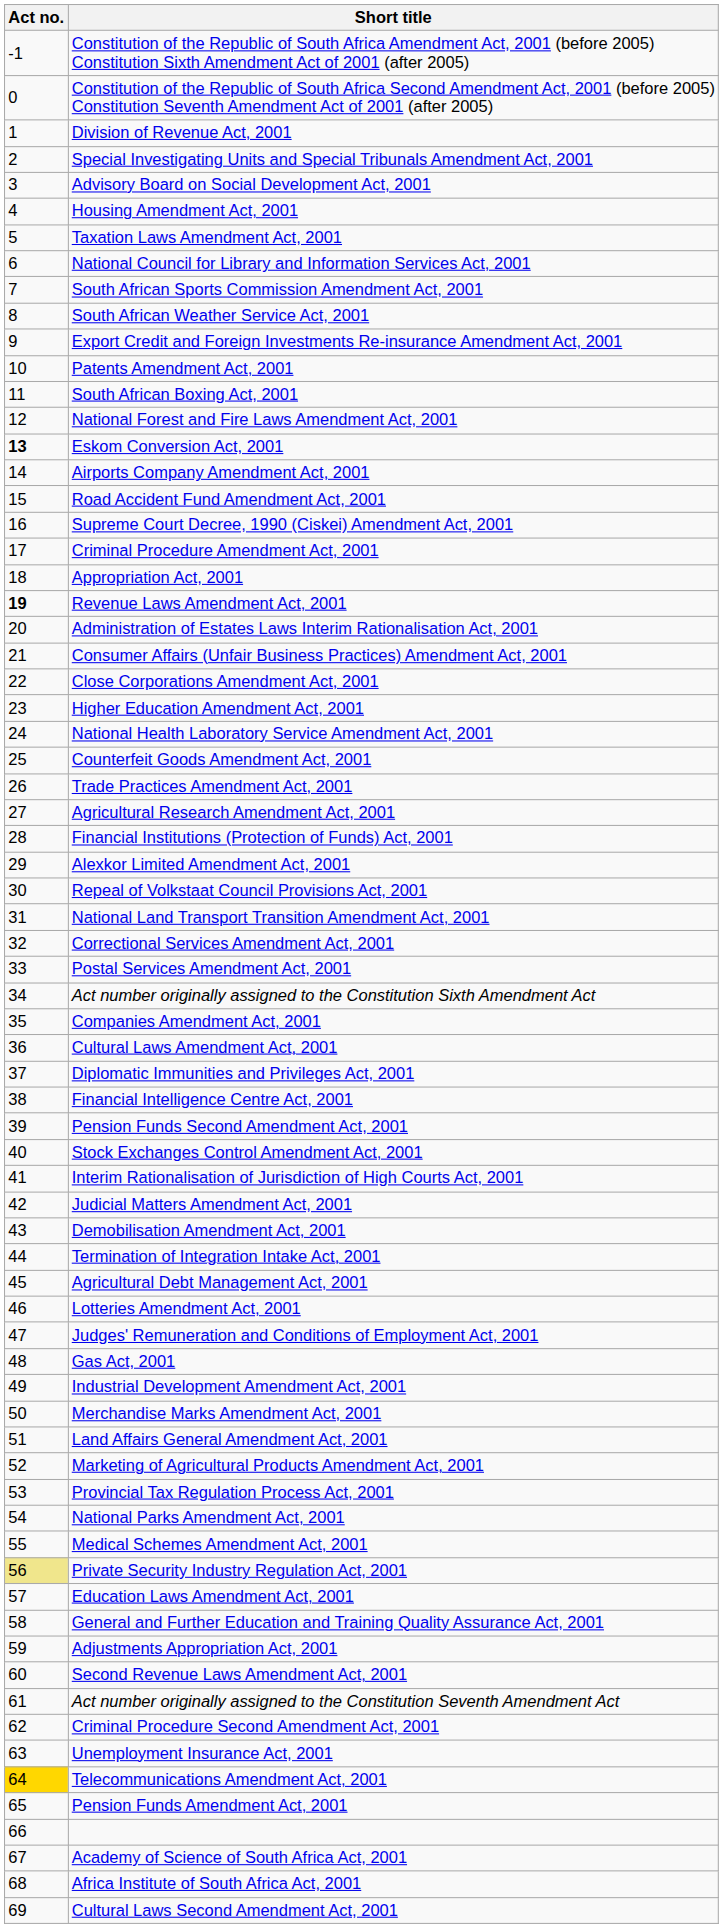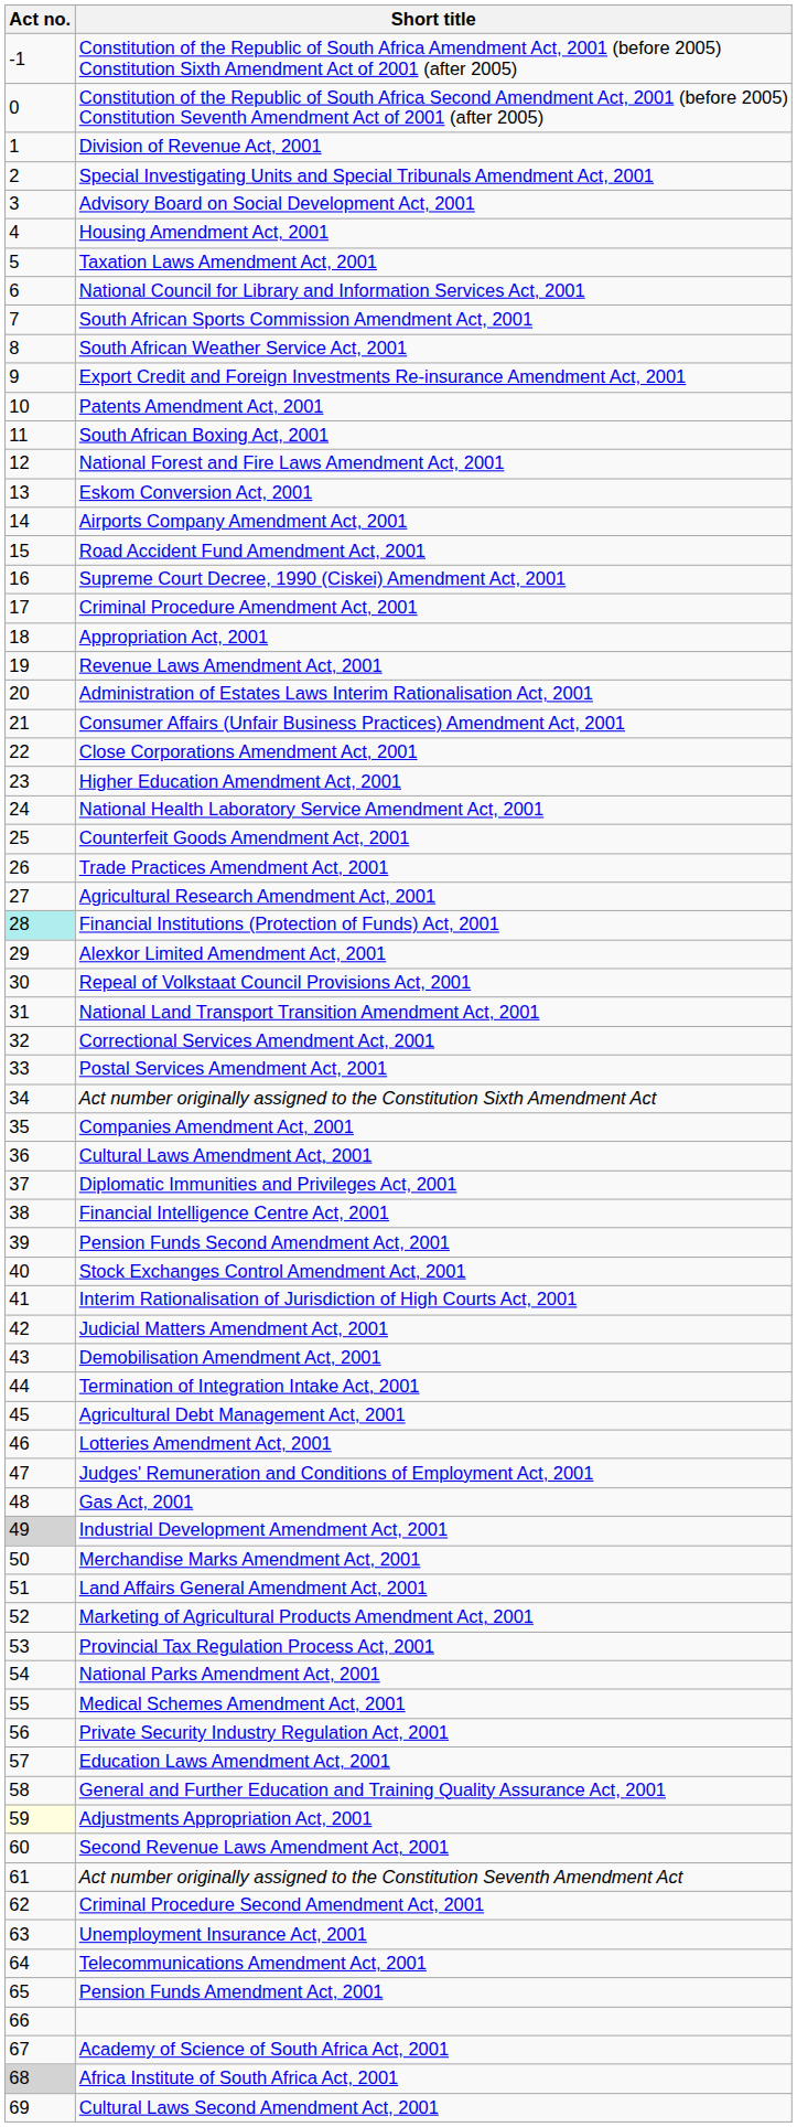 <table class="wikitable sortable">
 <tr>
 <th>Act no.</th>
 <th>Short title</th>
 </tr>
 <tr>
 <td><span>-1</span></td>
 <td><a href='#'>Constitution of the Republic of South Africa Amendment Act, 2001</a> (before 2005) <br><a href='#'>Constitution Sixth Amendment Act of 2001</a> (after 2005)</td>
 </tr>
 <tr>
 <td><span>0</span></td>
 <td><a href='#'>Constitution of the Republic of South Africa Second Amendment Act, 2001</a> (before 2005) <br><a href='#'>Constitution Seventh Amendment Act of 2001</a> (after 2005)</td>
 </tr>
 <tr>
 <td>1</td>
 <td><a href='#'>Division of Revenue Act, 2001</a></td>
 </tr>
 <tr>
 <td>2</td>
 <td><a href='#'>Special Investigating Units and Special Tribunals Amendment Act, 2001</a></td>
 </tr>
 <tr>
 <td>3</td>
 <td><a href='#'>Advisory Board on Social Development Act, 2001</a></td>
 </tr>
 <tr>
 <td>4</td>
 <td><a href='#'>Housing Amendment Act, 2001</a></td>
 </tr>
 <tr>
 <td>5</td>
 <td><a href='#'>Taxation Laws Amendment Act, 2001</a></td>
 </tr>
 <tr>
 <td>6</td>
 <td><a href='#'>National Council for Library and Information Services Act, 2001</a></td>
 </tr>
 <tr>
 <td>7</td>
 <td><a href='#'>South African Sports Commission Amendment Act, 2001</a></td>
 </tr>
 <tr>
 <td>8</td>
 <td><a href='#'>South African Weather Service Act, 2001</a></td>
 </tr>
 <tr>
 <td>9</td>
 <td><a href='#'>Export Credit and Foreign Investments Re-insurance Amendment Act, 2001</a></td>
 </tr>
 <tr>
 <td>10</td>
 <td><a href='#'>Patents Amendment Act, 2001</a></td>
 </tr>
 <tr>
 <td>11</td>
 <td><a href='#'>South African Boxing Act, 2001</a></td>
 </tr>
 <tr>
 <td>12</td>
 <td><a href='#'>National Forest and Fire Laws Amendment Act, 2001</a></td>
 </tr>
 <tr>
-<td><strong>13</strong></td>
+<td>13</td>
 <td><a href='#'>Eskom Conversion Act, 2001</a></td>
 </tr>
 <tr>
 <td>14</td>
 <td><a href='#'>Airports Company Amendment Act, 2001</a></td>
 </tr>
 <tr>
 <td>15</td>
 <td><a href='#'>Road Accident Fund Amendment Act, 2001</a></td>
 </tr>
 <tr>
 <td>16</td>
 <td><a href='#'>Supreme Court Decree, 1990 (Ciskei) Amendment Act, 2001</a></td>
 </tr>
 <tr>
 <td>17</td>
 <td><a href='#'>Criminal Procedure Amendment Act, 2001</a></td>
 </tr>
 <tr>
 <td>18</td>
 <td><a href='#'>Appropriation Act, 2001</a></td>
 </tr>
 <tr>
-<td><strong>19</strong></td>
+<td>19</td>
 <td><a href='#'>Revenue Laws Amendment Act, 2001</a></td>
 </tr>
 <tr>
 <td>20</td>
 <td><a href='#'>Administration of Estates Laws Interim Rationalisation Act, 2001</a></td>
 </tr>
 <tr>
 <td>21</td>
 <td><a href='#'>Consumer Affairs (Unfair Business Practices) Amendment Act, 2001</a></td>
 </tr>
 <tr>
 <td>22</td>
 <td><a href='#'>Close Corporations Amendment Act, 2001</a></td>
 </tr>
 <tr>
 <td>23</td>
 <td><a href='#'>Higher Education Amendment Act, 2001</a></td>
 </tr>
 <tr>
 <td>24</td>
 <td><a href='#'>National Health Laboratory Service Amendment Act, 2001</a></td>
 </tr>
 <tr>
 <td>25</td>
 <td><a href='#'>Counterfeit Goods Amendment Act, 2001</a></td>
 </tr>
 <tr>
 <td>26</td>
 <td><a href='#'>Trade Practices Amendment Act, 2001</a></td>
 </tr>
 <tr>
 <td>27</td>
 <td><a href='#'>Agricultural Research Amendment Act, 2001</a></td>
 </tr>
 <tr>
-<td>28</td>
+<td style="background: paleturquoise;">28</td>
 <td><a href='#'>Financial Institutions (Protection of Funds) Act, 2001</a></td>
 </tr>
 <tr>
 <td>29</td>
 <td><a href='#'>Alexkor Limited Amendment Act, 2001</a></td>
 </tr>
 <tr>
 <td>30</td>
 <td><a href='#'>Repeal of Volkstaat Council Provisions Act, 2001</a></td>
 </tr>
 <tr>
 <td>31</td>
 <td><a href='#'>National Land Transport Transition Amendment Act, 2001</a></td>
 </tr>
 <tr>
 <td>32</td>
 <td><a href='#'>Correctional Services Amendment Act, 2001</a></td>
 </tr>
 <tr>
 <td>33</td>
 <td><a href='#'>Postal Services Amendment Act, 2001</a></td>
 </tr>
 <tr>
 <td>34</td>
 <td><em>Act number originally assigned to the Constitution Sixth Amendment Act</em></td>
 </tr>
 <tr>
 <td>35</td>
 <td><a href='#'>Companies Amendment Act, 2001</a></td>
 </tr>
 <tr>
 <td>36</td>
 <td><a href='#'>Cultural Laws Amendment Act, 2001</a></td>
 </tr>
 <tr>
 <td>37</td>
 <td><a href='#'>Diplomatic Immunities and Privileges Act, 2001</a></td>
 </tr>
 <tr>
 <td>38</td>
 <td><a href='#'>Financial Intelligence Centre Act, 2001</a></td>
 </tr>
 <tr>
 <td>39</td>
 <td><a href='#'>Pension Funds Second Amendment Act, 2001</a></td>
 </tr>
 <tr>
 <td>40</td>
 <td><a href='#'>Stock Exchanges Control Amendment Act, 2001</a></td>
 </tr>
 <tr>
 <td>41</td>
 <td><a href='#'>Interim Rationalisation of Jurisdiction of High Courts Act, 2001</a></td>
 </tr>
 <tr>
 <td>42</td>
 <td><a href='#'>Judicial Matters Amendment Act, 2001</a></td>
 </tr>
 <tr>
 <td>43</td>
 <td><a href='#'>Demobilisation Amendment Act, 2001</a></td>
 </tr>
 <tr>
 <td>44</td>
 <td><a href='#'>Termination of Integration Intake Act, 2001</a></td>
 </tr>
 <tr>
 <td>45</td>
 <td><a href='#'>Agricultural Debt Management Act, 2001</a></td>
 </tr>
 <tr>
 <td>46</td>
 <td><a href='#'>Lotteries Amendment Act, 2001</a></td>
 </tr>
 <tr>
 <td>47</td>
 <td><a href='#'>Judges' Remuneration and Conditions of Employment Act, 2001</a></td>
 </tr>
 <tr>
 <td>48</td>
 <td><a href='#'>Gas Act, 2001</a></td>
 </tr>
 <tr>
-<td>49</td>
+<td style="background: lightgrey;">49</td>
 <td><a href='#'>Industrial Development Amendment Act, 2001</a></td>
 </tr>
 <tr>
 <td>50</td>
 <td><a href='#'>Merchandise Marks Amendment Act, 2001</a></td>
 </tr>
 <tr>
 <td>51</td>
 <td><a href='#'>Land Affairs General Amendment Act, 2001</a></td>
 </tr>
 <tr>
 <td>52</td>
 <td><a href='#'>Marketing of Agricultural Products Amendment Act, 2001</a></td>
 </tr>
 <tr>
 <td>53</td>
 <td><a href='#'>Provincial Tax Regulation Process Act, 2001</a></td>
 </tr>
 <tr>
 <td>54</td>
 <td><a href='#'>National Parks Amendment Act, 2001</a></td>
 </tr>
 <tr>
 <td>55</td>
 <td><a href='#'>Medical Schemes Amendment Act, 2001</a></td>
 </tr>
 <tr>
-<td style="background: khaki;">56</td>
+<td>56</td>
 <td><a href='#'>Private Security Industry Regulation Act, 2001</a></td>
 </tr>
 <tr>
 <td>57</td>
 <td><a href='#'>Education Laws Amendment Act, 2001</a></td>
 </tr>
 <tr>
 <td>58</td>
 <td><a href='#'>General and Further Education and Training Quality Assurance Act, 2001</a></td>
 </tr>
 <tr>
-<td>59</td>
+<td style="background: lightyellow;">59</td>
 <td><a href='#'>Adjustments Appropriation Act, 2001</a></td>
 </tr>
 <tr>
 <td>60</td>
 <td><a href='#'>Second Revenue Laws Amendment Act, 2001</a></td>
 </tr>
 <tr>
 <td>61</td>
 <td><em>Act number originally assigned to the Constitution Seventh Amendment Act</em></td>
 </tr>
 <tr>
 <td>62</td>
 <td><a href='#'>Criminal Procedure Second Amendment Act, 2001</a></td>
 </tr>
 <tr>
 <td>63</td>
 <td><a href='#'>Unemployment Insurance Act, 2001</a></td>
 </tr>
 <tr>
-<td style="background: gold;">64</td>
+<td>64</td>
 <td><a href='#'>Telecommunications Amendment Act, 2001</a></td>
 </tr>
 <tr>
 <td>65</td>
 <td><a href='#'>Pension Funds Amendment Act, 2001</a></td>
 </tr>
 <tr>
 <td>66</td>
 <td></td>
 </tr>
 <tr>
 <td>67</td>
 <td><a href='#'>Academy of Science of South Africa Act, 2001</a></td>
 </tr>
 <tr>
-<td>68</td>
+<td style="background: lightgrey;">68</td>
 <td><a href='#'>Africa Institute of South Africa Act, 2001</a></td>
 </tr>
 <tr>
 <td>69</td>
 <td><a href='#'>Cultural Laws Second Amendment Act, 2001</a></td>
 </tr>
 </table>
